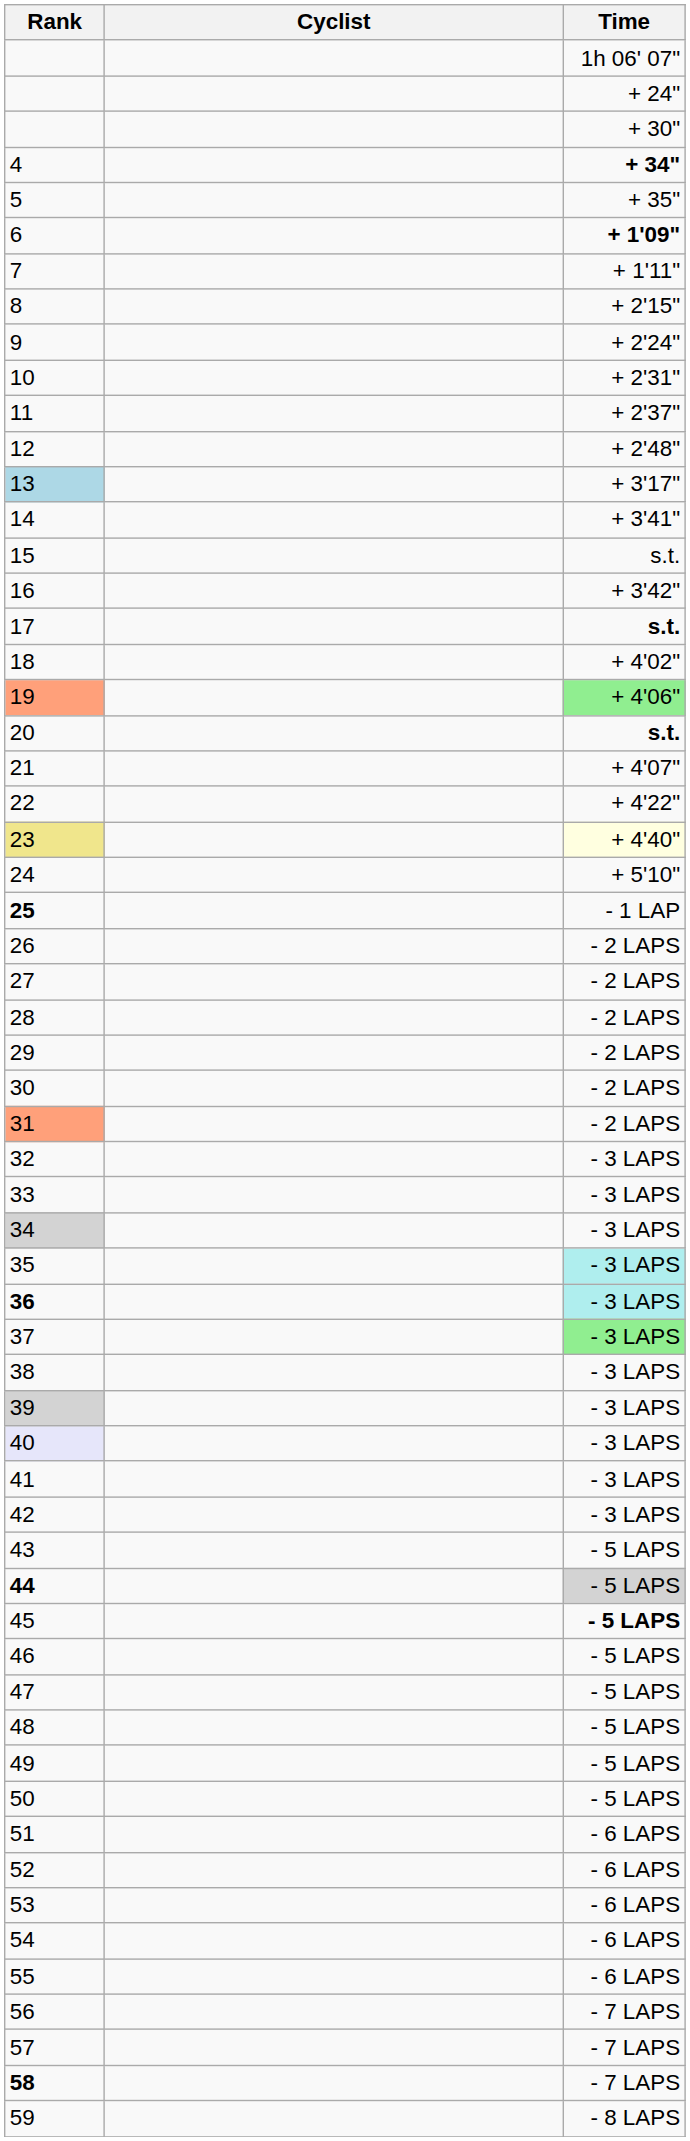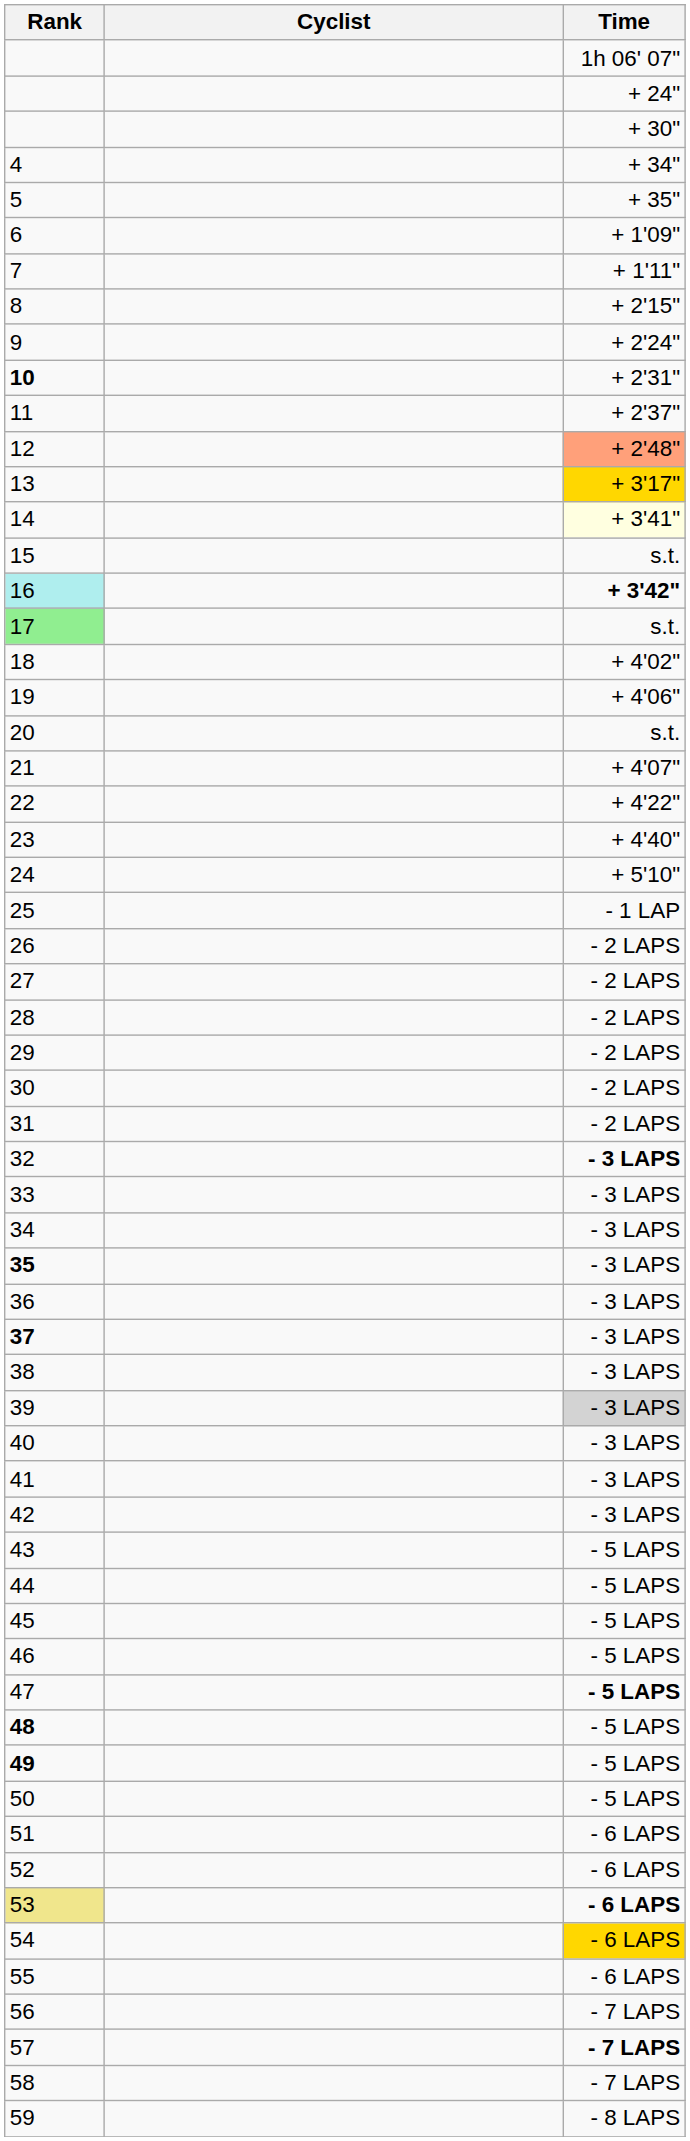 <table class="wikitable">
 <tr>
 <th style="width: 4em;">Rank</th>
 <th style="width: 20em;">Cyclist</th>
 <th style="width: 5em;">Time</th>
 </tr>
 <tr>
 <td></td>
 <td></td>
 <td align="right">1h 06' 07"</td>
 </tr>
 <tr>
 <td></td>
 <td></td>
 <td align="right">+ 24"</td>
 </tr>
 <tr>
 <td></td>
 <td></td>
 <td align="right">+ 30"</td>
 </tr>
 <tr>
 <td>4</td>
 <td></td>
-<td align="right"><strong>+ 34"</strong></td>
+<td align="right">+ 34"</td>
 </tr>
 <tr>
 <td>5</td>
 <td></td>
 <td align="right">+ 35"</td>
 </tr>
 <tr>
 <td>6</td>
 <td></td>
-<td align="right"><strong>+ 1'09"</strong></td>
+<td align="right">+ 1'09"</td>
 </tr>
 <tr>
 <td>7</td>
 <td></td>
 <td align="right">+ 1'11"</td>
 </tr>
 <tr>
 <td>8</td>
 <td></td>
 <td align="right">+ 2'15"</td>
 </tr>
 <tr>
 <td>9</td>
 <td></td>
 <td align="right">+ 2'24"</td>
 </tr>
 <tr>
-<td>10</td>
+<td><strong>10</strong></td>
 <td></td>
 <td align="right">+ 2'31"</td>
 </tr>
 <tr>
 <td>11</td>
 <td></td>
 <td align="right">+ 2'37"</td>
 </tr>
 <tr>
 <td>12</td>
 <td></td>
-<td align="right">+ 2'48"</td>
+<td align="right" style="background: lightsalmon;">+ 2'48"</td>
 </tr>
 <tr>
-<td style="background: lightblue;">13</td>
+<td>13</td>
 <td></td>
-<td align="right">+ 3'17"</td>
+<td align="right" style="background: gold;">+ 3'17"</td>
 </tr>
 <tr>
 <td>14</td>
 <td></td>
-<td align="right">+ 3'41"</td>
+<td align="right" style="background: lightyellow;">+ 3'41"</td>
 </tr>
 <tr>
 <td>15</td>
 <td></td>
 <td align="right">s.t.</td>
 </tr>
 <tr>
-<td>16</td>
+<td style="background: paleturquoise;">16</td>
 <td></td>
-<td align="right">+ 3'42"</td>
+<td align="right"><strong>+ 3'42"</strong></td>
 </tr>
 <tr>
-<td>17</td>
+<td style="background: lightgreen;">17</td>
 <td></td>
-<td align="right"><strong>s.t.</strong></td>
+<td align="right">s.t.</td>
 </tr>
 <tr>
 <td>18</td>
 <td></td>
 <td align="right">+ 4'02"</td>
 </tr>
 <tr>
-<td style="background: lightsalmon;">19</td>
+<td>19</td>
 <td></td>
-<td align="right" style="background: lightgreen;">+ 4'06"</td>
+<td align="right">+ 4'06"</td>
 </tr>
 <tr>
 <td>20</td>
 <td></td>
-<td align="right"><strong>s.t.</strong></td>
+<td align="right">s.t.</td>
 </tr>
 <tr>
 <td>21</td>
 <td></td>
 <td align="right">+ 4'07"</td>
 </tr>
 <tr>
 <td>22</td>
 <td></td>
 <td align="right">+ 4'22"</td>
 </tr>
 <tr>
-<td style="background: khaki;">23</td>
+<td>23</td>
 <td></td>
-<td align="right" style="background: lightyellow;">+ 4'40"</td>
+<td align="right">+ 4'40"</td>
 </tr>
 <tr>
 <td>24</td>
 <td></td>
 <td align="right">+ 5'10"</td>
 </tr>
 <tr>
-<td><strong>25</strong></td>
+<td>25</td>
 <td></td>
 <td align="right">- 1 LAP</td>
 </tr>
 <tr>
 <td>26</td>
 <td></td>
 <td align="right">- 2 LAPS</td>
 </tr>
 <tr>
 <td>27</td>
 <td></td>
 <td align="right">- 2 LAPS</td>
 </tr>
 <tr>
 <td>28</td>
 <td></td>
 <td align="right">- 2 LAPS</td>
 </tr>
 <tr>
 <td>29</td>
 <td></td>
 <td align="right">- 2 LAPS</td>
 </tr>
 <tr>
 <td>30</td>
 <td></td>
 <td align="right">- 2 LAPS</td>
 </tr>
 <tr>
-<td style="background: lightsalmon;">31</td>
+<td>31</td>
 <td></td>
 <td align="right">- 2 LAPS</td>
 </tr>
 <tr>
 <td>32</td>
 <td></td>
-<td align="right">- 3 LAPS</td>
+<td align="right"><strong>- 3 LAPS</strong></td>
 </tr>
 <tr>
 <td>33</td>
 <td></td>
 <td align="right">- 3 LAPS</td>
 </tr>
 <tr>
-<td style="background: lightgrey;">34</td>
+<td>34</td>
 <td></td>
 <td align="right">- 3 LAPS</td>
 </tr>
 <tr>
-<td>35</td>
+<td><strong>35</strong></td>
 <td></td>
-<td align="right" style="background: paleturquoise;">- 3 LAPS</td>
+<td align="right">- 3 LAPS</td>
 </tr>
 <tr>
-<td><strong>36</strong></td>
+<td>36</td>
 <td></td>
-<td align="right" style="background: paleturquoise;">- 3 LAPS</td>
+<td align="right">- 3 LAPS</td>
 </tr>
 <tr>
-<td>37</td>
+<td><strong>37</strong></td>
 <td></td>
-<td align="right" style="background: lightgreen;">- 3 LAPS</td>
+<td align="right">- 3 LAPS</td>
 </tr>
 <tr>
 <td>38</td>
 <td></td>
 <td align="right">- 3 LAPS</td>
 </tr>
 <tr>
-<td style="background: lightgrey;">39</td>
+<td>39</td>
 <td></td>
-<td align="right">- 3 LAPS</td>
+<td align="right" style="background: lightgrey;">- 3 LAPS</td>
 </tr>
 <tr>
-<td style="background: lavender;">40</td>
+<td>40</td>
 <td></td>
 <td align="right">- 3 LAPS</td>
 </tr>
 <tr>
 <td>41</td>
 <td></td>
 <td align="right">- 3 LAPS</td>
 </tr>
 <tr>
 <td>42</td>
 <td></td>
 <td align="right">- 3 LAPS</td>
 </tr>
 <tr>
 <td>43</td>
 <td></td>
 <td align="right">- 5 LAPS</td>
 </tr>
 <tr>
-<td><strong>44</strong></td>
+<td>44</td>
 <td></td>
-<td align="right" style="background: lightgrey;">- 5 LAPS</td>
+<td align="right">- 5 LAPS</td>
 </tr>
 <tr>
 <td>45</td>
 <td></td>
-<td align="right"><strong>- 5 LAPS</strong></td>
+<td align="right">- 5 LAPS</td>
 </tr>
 <tr>
 <td>46</td>
 <td></td>
 <td align="right">- 5 LAPS</td>
 </tr>
 <tr>
 <td>47</td>
 <td></td>
-<td align="right">- 5 LAPS</td>
+<td align="right"><strong>- 5 LAPS</strong></td>
 </tr>
 <tr>
-<td>48</td>
+<td><strong>48</strong></td>
 <td></td>
 <td align="right">- 5 LAPS</td>
 </tr>
 <tr>
-<td>49</td>
+<td><strong>49</strong></td>
 <td></td>
 <td align="right">- 5 LAPS</td>
 </tr>
 <tr>
 <td>50</td>
 <td></td>
 <td align="right">- 5 LAPS</td>
 </tr>
 <tr>
 <td>51</td>
 <td></td>
 <td align="right">- 6 LAPS</td>
 </tr>
 <tr>
 <td>52</td>
 <td></td>
 <td align="right">- 6 LAPS</td>
 </tr>
 <tr>
-<td>53</td>
+<td style="background: khaki;">53</td>
 <td></td>
-<td align="right">- 6 LAPS</td>
+<td align="right"><strong>- 6 LAPS</strong></td>
 </tr>
 <tr>
 <td>54</td>
 <td></td>
-<td align="right">- 6 LAPS</td>
+<td align="right" style="background: gold;">- 6 LAPS</td>
 </tr>
 <tr>
 <td>55</td>
 <td></td>
 <td align="right">- 6 LAPS</td>
 </tr>
 <tr>
 <td>56</td>
 <td></td>
 <td align="right">- 7 LAPS</td>
 </tr>
 <tr>
 <td>57</td>
 <td></td>
-<td align="right">- 7 LAPS</td>
+<td align="right"><strong>- 7 LAPS</strong></td>
 </tr>
 <tr>
-<td><strong>58</strong></td>
+<td>58</td>
 <td></td>
 <td align="right">- 7 LAPS</td>
 </tr>
 <tr>
 <td>59</td>
 <td></td>
 <td align="right">- 8 LAPS</td>
 </tr>
 </table>
